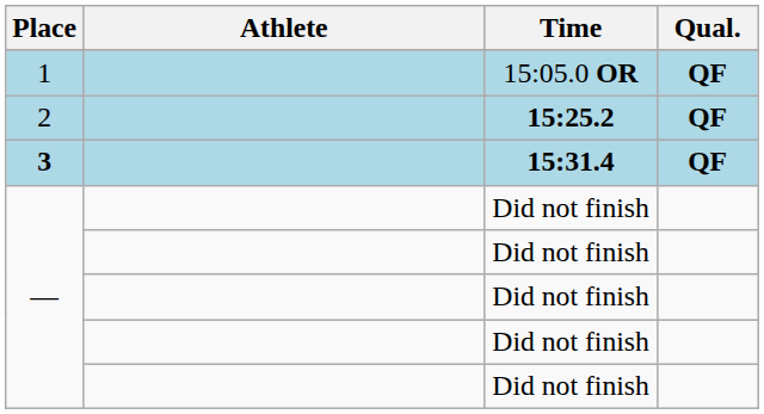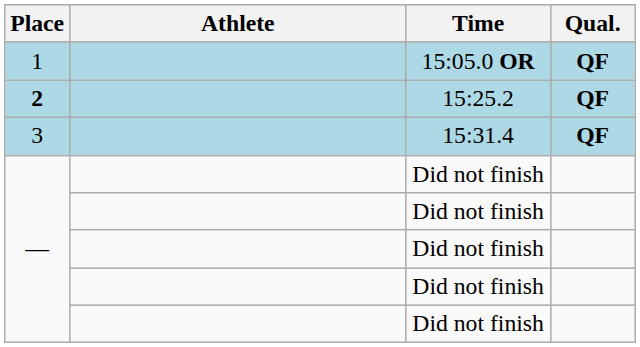 <table class=wikitable style="text-align:center">
 <tr>
 <th width=20>Place</th>
 <th width=220>Athlete</th>
 <th width=90>Time</th>
 <th width=50>Qual.</th>
 </tr>
 <tr>
 </tr>
 <tr bgcolor=lightblue>
 <td>1</td>
 <td align=left></td>
 <td>15:05.0 <strong>OR</strong></td>
 <td><strong>QF</strong></td>
 </tr>
 <tr bgcolor=lightblue>
-<td>2</td>
+<td><strong>2</strong></td>
 <td align=left></td>
-<td><strong>15:25.2</strong></td>
+<td>15:25.2</td>
 <td><strong>QF</strong></td>
 </tr>
 <tr bgcolor=lightblue>
-<td><strong>3</strong></td>
+<td>3</td>
 <td align=left></td>
-<td><strong>15:31.4</strong></td>
+<td>15:31.4</td>
 <td><strong>QF</strong></td>
 </tr>
 <tr>
 <td rowspan=5>—</td>
 <td align=left></td>
 <td>Did not finish</td>
 <td></td>
 </tr>
 <tr>
 <td align=left></td>
 <td>Did not finish</td>
 <td></td>
 </tr>
 <tr>
 <td align=left></td>
 <td>Did not finish</td>
 <td></td>
 </tr>
 <tr>
 <td align=left></td>
 <td>Did not finish</td>
 <td></td>
 </tr>
 <tr>
 <td align=left></td>
 <td>Did not finish</td>
 <td></td>
 </tr>
 </table>
